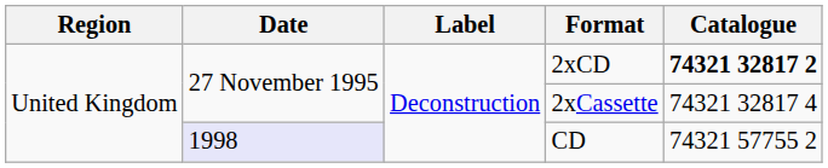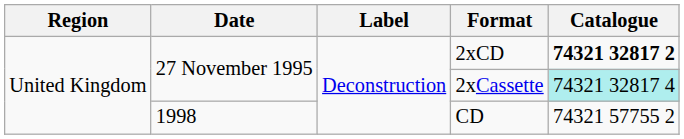 <table class="wikitable">
 <tr>
 <th>Region</th>
 <th>Date</th>
 <th>Label</th>
 <th>Format</th>
 <th>Catalogue</th>
 </tr>
 <tr>
 <td rowspan="3">United Kingdom</td>
 <td rowspan="2">27 November 1995</td>
 <td rowspan="3"><a href='#'>Deconstruction</a></td>
 <td>2xCD</td>
 <td><strong>74321 32817 2</strong></td>
 </tr>
 <tr>
 <td>2x<a href='#'>Cassette</a></td>
-<td>74321 32817 4</td>
+<td style="background: paleturquoise;">74321 32817 4</td>
 </tr>
 <tr>
-<td style="background: lavender;">1998</td>
+<td>1998</td>
 <td>CD</td>
 <td>74321 57755 2</td>
 </tr>
 </table>
